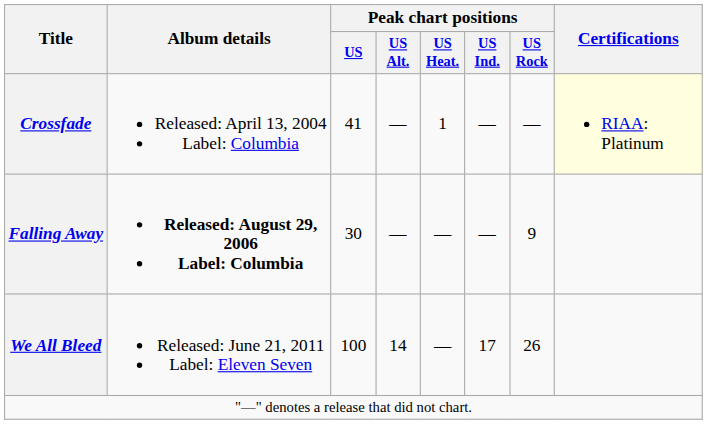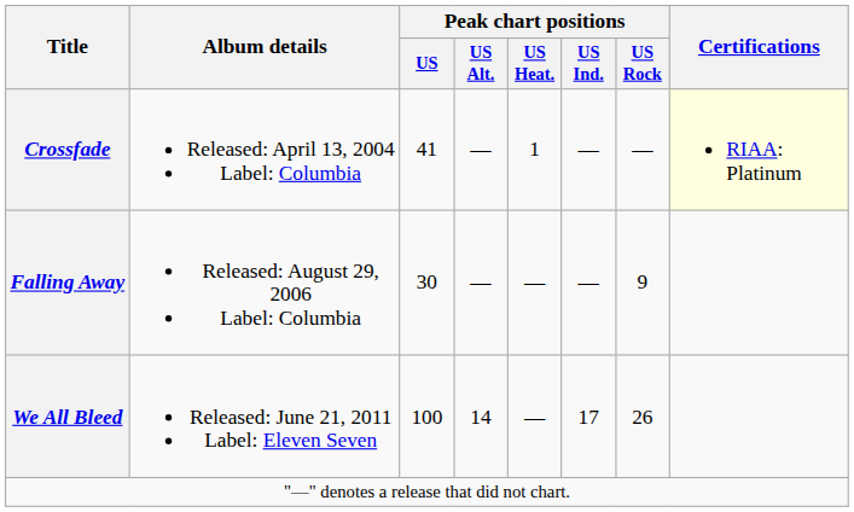 <table class="wikitable plainrowheaders" style="text-align:center;">
 <tr>
 <th rowspan="2">Title</th>
 <th rowspan="2" style="width:200px;">Album details</th>
 <th colspan="5">Peak chart positions</th>
 <th rowspan="2" style="width:130px;"><a href='#'>Certifications</a></th>
 </tr>
 <tr style="font-size:smaller;">
 <th style="width:35px;"><a href='#'>US</a><br></th>
 <th style="width:35px;"><a href='#'>US<br>Alt.</a><br></th>
 <th style="width:35px;"><a href='#'>US<br>Heat.</a><br></th>
 <th style="width:35px;"><a href='#'>US<br>Ind.</a><br></th>
 <th style="width:35px;"><a href='#'>US<br>Rock</a><br></th>
 </tr>
 <tr>
 <th scope="row"><em><a href='#'>Crossfade</a></em></th>
 <td><br><ul><li>Released: April 13, 2004</li><li>Label: <a href='#'>Columbia</a></li></ul></td>
 <td>41</td>
 <td>—</td>
 <td>1</td>
 <td>—</td>
 <td>—</td>
 <td style="background: lightyellow; text-align:left;"><br><ul><li><a href='#'>RIAA</a>: Platinum</li></ul></td>
 </tr>
 <tr>
 <th scope="row"><em><a href='#'>Falling Away</a></em></th>
-<td><strong><br><ul><li>Released: August 29, 2006</li><li>Label: Columbia</li></ul></strong></td>
+<td><br><ul><li>Released: August 29, 2006</li><li>Label: Columbia</li></ul></td>
 <td>30</td>
 <td>—</td>
 <td>—</td>
 <td>—</td>
 <td>9</td>
 <td></td>
 </tr>
 <tr>
 <th scope="row"><em><a href='#'>We All Bleed</a></em></th>
 <td><br><ul><li>Released: June 21, 2011</li><li>Label: <a href='#'>Eleven Seven</a></li></ul></td>
 <td>100</td>
 <td>14</td>
 <td>—</td>
 <td>17</td>
 <td>26</td>
 <td></td>
 </tr>
 <tr>
 <td colspan="10" style="font-size:85%">"—" denotes a release that did not chart.</td>
 </tr>
 </table>
